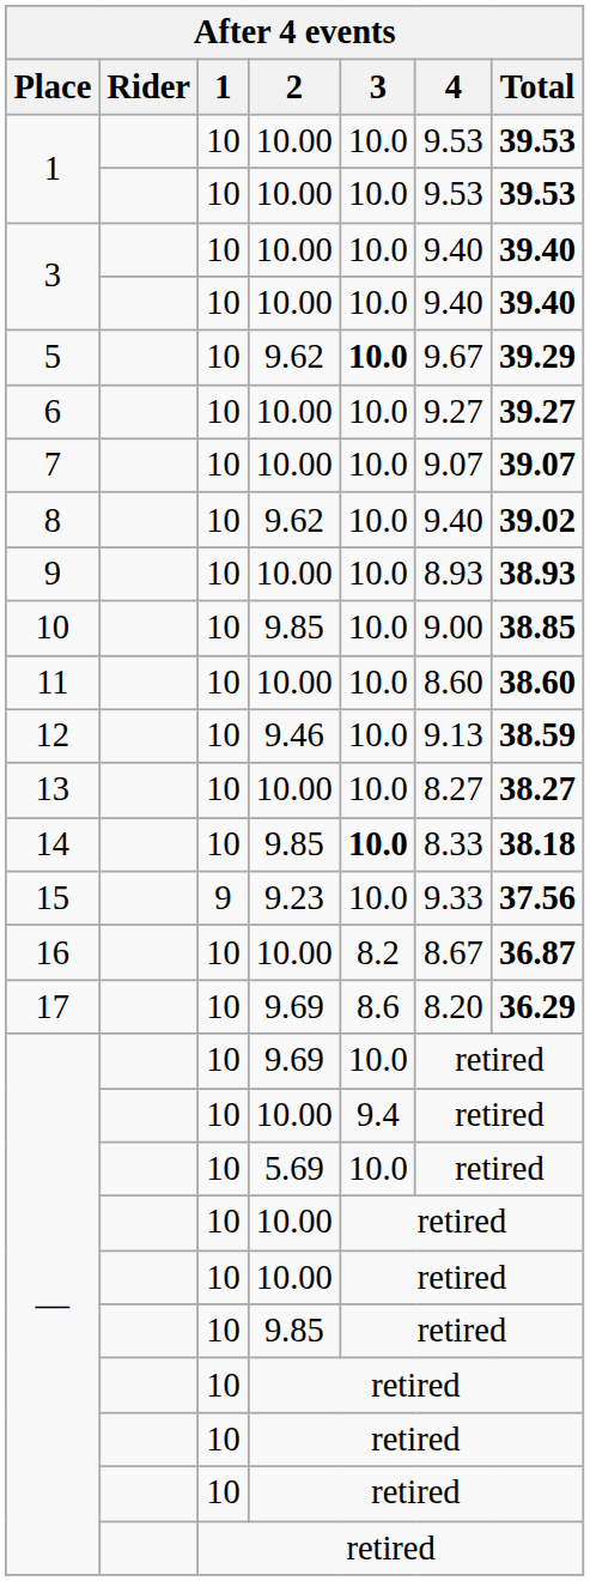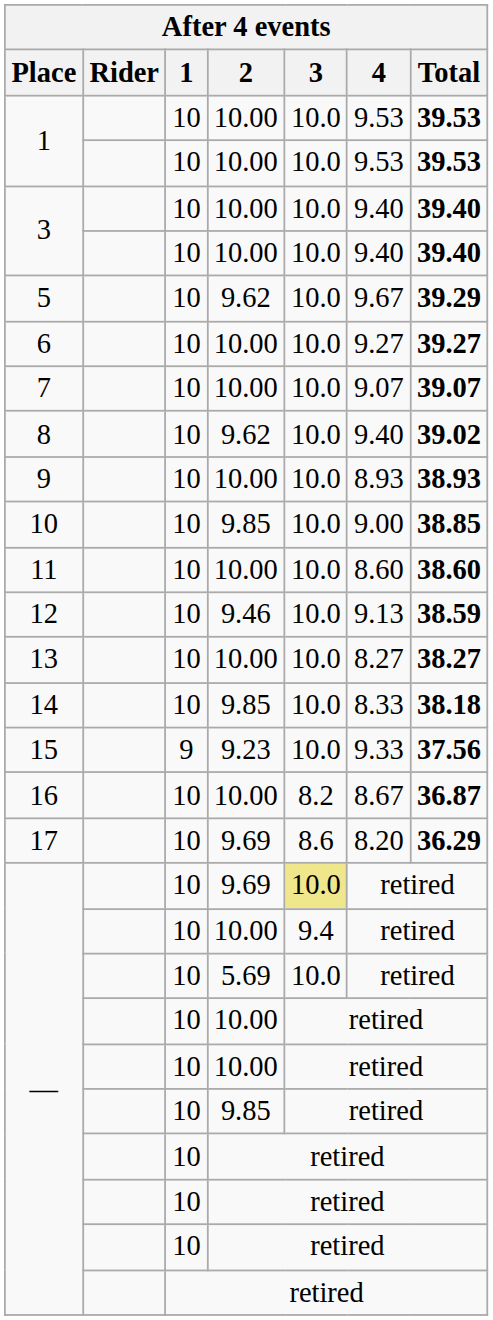 <table class=wikitable style="text-align:center">
 <tr>
 <th colspan=7>After 4 events</th>
 </tr>
 <tr>
 <th>Place</th>
 <th>Rider</th>
 <th>1</th>
 <th>2</th>
 <th>3</th>
 <th>4</th>
 <th>Total</th>
 </tr>
 <tr>
 <td rowspan=2>1</td>
 <td align=left></td>
 <td>10</td>
 <td>10.00</td>
 <td>10.0</td>
 <td>9.53</td>
 <td><strong>39.53</strong></td>
 </tr>
 <tr>
 <td align=left></td>
 <td>10</td>
 <td>10.00</td>
 <td>10.0</td>
 <td>9.53</td>
 <td><strong>39.53</strong></td>
 </tr>
 <tr>
 <td rowspan=2>3</td>
 <td align=left></td>
 <td>10</td>
 <td>10.00</td>
 <td>10.0</td>
 <td>9.40</td>
 <td><strong>39.40</strong></td>
 </tr>
 <tr>
 <td align=left></td>
 <td>10</td>
 <td>10.00</td>
 <td>10.0</td>
 <td>9.40</td>
 <td><strong>39.40</strong></td>
 </tr>
 <tr>
 <td>5</td>
 <td align=left></td>
 <td>10</td>
 <td>9.62</td>
-<td><strong>10.0</strong></td>
+<td>10.0</td>
 <td>9.67</td>
 <td><strong>39.29</strong></td>
 </tr>
 <tr>
 <td>6</td>
 <td align=left></td>
 <td>10</td>
 <td>10.00</td>
 <td>10.0</td>
 <td>9.27</td>
 <td><strong>39.27</strong></td>
 </tr>
 <tr>
 <td>7</td>
 <td align=left></td>
 <td>10</td>
 <td>10.00</td>
 <td>10.0</td>
 <td>9.07</td>
 <td><strong>39.07</strong></td>
 </tr>
 <tr>
 <td>8</td>
 <td align=left></td>
 <td>10</td>
 <td>9.62</td>
 <td>10.0</td>
 <td>9.40</td>
 <td><strong>39.02</strong></td>
 </tr>
 <tr>
 <td>9</td>
 <td align=left></td>
 <td>10</td>
 <td>10.00</td>
 <td>10.0</td>
 <td>8.93</td>
 <td><strong>38.93</strong></td>
 </tr>
 <tr>
 <td>10</td>
 <td align=left></td>
 <td>10</td>
 <td>9.85</td>
 <td>10.0</td>
 <td>9.00</td>
 <td><strong>38.85</strong></td>
 </tr>
 <tr>
 <td>11</td>
 <td align=left></td>
 <td>10</td>
 <td>10.00</td>
 <td>10.0</td>
 <td>8.60</td>
 <td><strong>38.60</strong></td>
 </tr>
 <tr>
 <td>12</td>
 <td align=left></td>
 <td>10</td>
 <td>9.46</td>
 <td>10.0</td>
 <td>9.13</td>
 <td><strong>38.59</strong></td>
 </tr>
 <tr>
 <td>13</td>
 <td align=left></td>
 <td>10</td>
 <td>10.00</td>
 <td>10.0</td>
 <td>8.27</td>
 <td><strong>38.27</strong></td>
 </tr>
 <tr>
 <td>14</td>
 <td align=left></td>
 <td>10</td>
 <td>9.85</td>
-<td><strong>10.0</strong></td>
+<td>10.0</td>
 <td>8.33</td>
 <td><strong>38.18</strong></td>
 </tr>
 <tr>
 <td>15</td>
 <td align=left></td>
 <td>9</td>
 <td>9.23</td>
 <td>10.0</td>
 <td>9.33</td>
 <td><strong>37.56</strong></td>
 </tr>
 <tr>
 <td>16</td>
 <td align=left></td>
 <td>10</td>
 <td>10.00</td>
 <td>8.2</td>
 <td>8.67</td>
 <td><strong>36.87</strong></td>
 </tr>
 <tr>
 <td>17</td>
 <td align=left></td>
 <td>10</td>
 <td>9.69</td>
 <td>8.6</td>
 <td>8.20</td>
 <td><strong>36.29</strong></td>
 </tr>
 <tr>
 <td rowspan=10>—</td>
 <td align=left></td>
 <td>10</td>
 <td>9.69</td>
-<td>10.0</td>
+<td style="background: khaki;">10.0</td>
 <td colspan=2>retired</td>
 </tr>
 <tr>
 <td align=left></td>
 <td>10</td>
 <td>10.00</td>
 <td>9.4</td>
 <td colspan=2>retired</td>
 </tr>
 <tr>
 <td align=left></td>
 <td>10</td>
 <td>5.69</td>
 <td>10.0</td>
 <td colspan=2>retired</td>
 </tr>
 <tr>
 <td align=left></td>
 <td>10</td>
 <td>10.00</td>
 <td colspan=3>retired</td>
 </tr>
 <tr>
 <td align=left></td>
 <td>10</td>
 <td>10.00</td>
 <td colspan=3>retired</td>
 </tr>
 <tr>
 <td align=left></td>
 <td>10</td>
 <td>9.85</td>
 <td colspan=3>retired</td>
 </tr>
 <tr>
 <td align=left></td>
 <td>10</td>
 <td colspan=4>retired</td>
 </tr>
 <tr>
 <td align=left></td>
 <td>10</td>
 <td colspan=4>retired</td>
 </tr>
 <tr>
 <td align=left></td>
 <td>10</td>
 <td colspan=4>retired</td>
 </tr>
 <tr>
 <td align=left></td>
 <td colspan=5>retired</td>
 </tr>
 </table>
